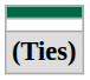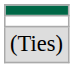 <table class="wikitable" style="text-align: center; font-size:90%">
 <tr>
 <td style="background: #006847"></td>
 </tr>
 <tr>
 <td style="background: #ffffff"></td>
 </tr>
 <tr>
-<td style="background: #dddddd"><strong>(Ties)</strong></td>
+<td style="background: #dddddd">(Ties)</td>
 </tr>
 </table>
